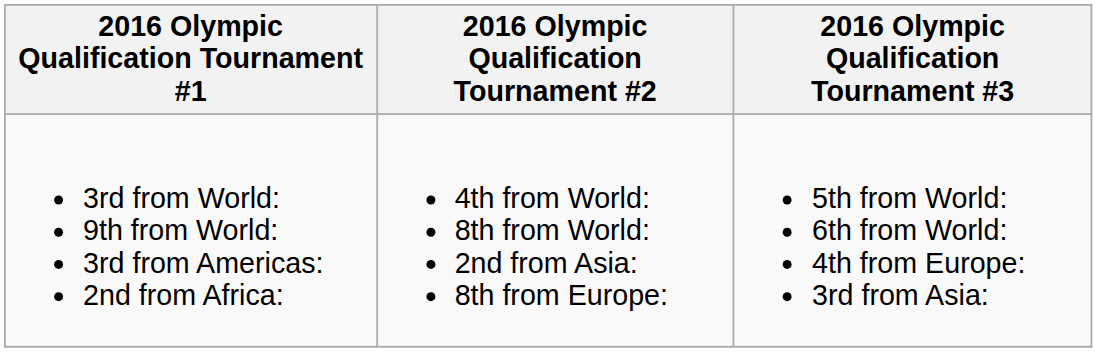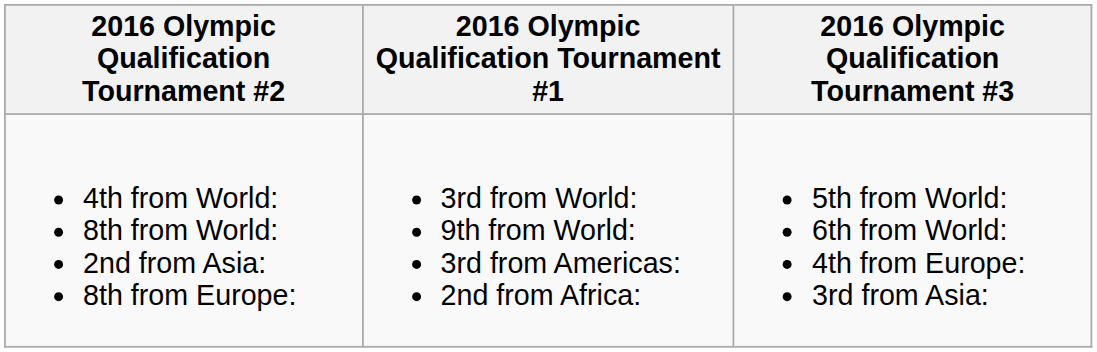 <table class="wikitable">
 <tr>
+<th width=310>2016 Olympic Qualification Tournament #2</th>
 <th width=310>2016 Olympic Qualification Tournament #1</th>
-<th width=310>2016 Olympic Qualification Tournament #2</th>
 <th width=310>2016 Olympic Qualification Tournament #3</th>
 </tr>
 <tr style="vertical-align: top;">
+<td><br><ul><li>4th from World: </li><li>8th from World: </li><li>2nd from Asia: </li><li>8th from Europe: </li></ul></td>
 <td><br><ul><li>3rd from World: </li><li>9th from World: </li><li>3rd from Americas: </li><li>2nd from Africa: </li></ul></td>
-<td><br><ul><li>4th from World: </li><li>8th from World: </li><li>2nd from Asia: </li><li>8th from Europe: </li></ul></td>
 <td><br><ul><li>5th from World: </li><li>6th from World: </li><li>4th from Europe: </li><li>3rd from Asia: </li></ul></td>
 </tr>
 </table>
